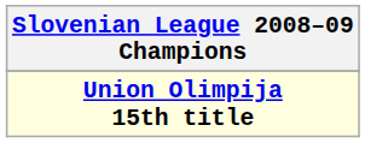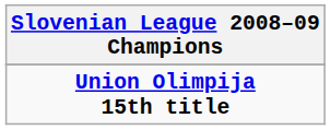 <table class="wikitable" style="text-align: center; margin: 0 auto;">
 <tr>
 <th><a href='#'>Slovenian League</a> 2008–09<br>Champions</th>
 </tr>
 <tr>
 </tr>
 <tr>
-<td style="background: lightyellow;"><strong><a href='#'>Union Olimpija</a></strong><br><strong>15th title</strong></td>
+<td><strong><a href='#'>Union Olimpija</a></strong><br><strong>15th title</strong></td>
 </tr>
 </table>
